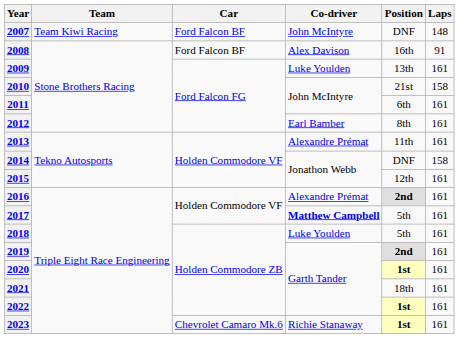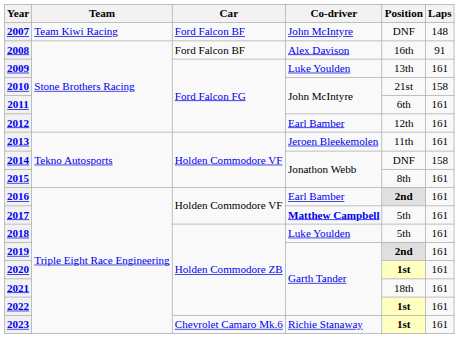 <table class="wikitable" style="font-size: 95%;">
 <tr>
 <th>Year</th>
 <th>Team</th>
 <th>Car</th>
 <th>Co-driver</th>
 <th>Position</th>
 <th>Laps</th>
 </tr>
 <tr>
 <th><a href='#'>2007</a></th>
 <td><a href='#'>Team Kiwi Racing</a></td>
 <td><a href='#'>Ford Falcon BF</a></td>
 <td> <a href='#'>John McIntyre</a></td>
 <td align="center">DNF</td>
 <td align="center">148</td>
 </tr>
 <tr>
 <th><a href='#'>2008</a></th>
 <td rowspan="5"><a href='#'>Stone Brothers Racing</a></td>
 <td>Ford Falcon BF</td>
 <td> <a href='#'>Alex Davison</a></td>
 <td align="center">16th</td>
 <td align="center">91</td>
 </tr>
 <tr>
 <th><a href='#'>2009</a></th>
 <td rowspan="4"><a href='#'>Ford Falcon FG</a></td>
 <td> <a href='#'>Luke Youlden</a></td>
 <td align="center">13th</td>
 <td align="center">161</td>
 </tr>
 <tr>
 <th><a href='#'>2010</a></th>
 <td rowspan="2"> John McIntyre</td>
 <td align="center">21st</td>
 <td align="center">158</td>
 </tr>
 <tr>
 <th><a href='#'>2011</a></th>
 <td align="center">6th</td>
 <td align="center">161</td>
 </tr>
 <tr>
 <th><a href='#'>2012</a></th>
 <td> <a href='#'>Earl Bamber</a></td>
-<td align="center">8th</td>
+<td align="center">12th</td>
 <td align="center">161</td>
 </tr>
 <tr>
 <th><a href='#'>2013</a></th>
 <td rowspan="3"><a href='#'>Tekno Autosports</a></td>
 <td rowspan="3"><a href='#'>Holden Commodore VF</a></td>
-<td> <a href='#'>Alexandre Prémat</a></td>
+<td> <a href='#'>Jeroen Bleekemolen</a></td>
 <td align="center">11th</td>
 <td align="center">161</td>
 </tr>
 <tr>
 <th><a href='#'>2014</a></th>
 <td rowspan="2"> Jonathon Webb</td>
 <td align="center">DNF</td>
 <td align="center">158</td>
 </tr>
 <tr>
 <th><a href='#'>2015</a></th>
-<td align="center">12th</td>
+<td align="center">8th</td>
 <td align="center">161</td>
 </tr>
 <tr>
 <th><a href='#'>2016</a></th>
 <td rowspan="8"><a href='#'>Triple Eight Race Engineering</a></td>
 <td rowspan="2">Holden Commodore VF</td>
-<td> <a href='#'>Alexandre Prémat</a></td>
+<td> <a href='#'>Earl Bamber</a></td>
 <td align="center" style="background: #dfdfdf"><strong>2nd</strong></td>
 <td align="center">161</td>
 </tr>
 <tr>
 <th><a href='#'>2017</a></th>
 <td><strong> <a href='#'>Matthew Campbell</a></strong></td>
 <td align="center">5th</td>
 <td align="center">161</td>
 </tr>
 <tr>
 <th><a href='#'>2018</a></th>
 <td rowspan="5"><a href='#'>Holden Commodore ZB</a></td>
 <td> <a href='#'>Luke Youlden</a></td>
 <td align="center">5th</td>
 <td align="center">161</td>
 </tr>
 <tr>
 <th><a href='#'>2019</a></th>
 <td rowspan="4"> <a href='#'>Garth Tander</a></td>
 <td align="center" style="background: #dfdfdf"><strong>2nd</strong></td>
 <td align="center">161</td>
 </tr>
 <tr>
 <th><a href='#'>2020</a></th>
 <td align="center" style="background: #ffffbf"><strong>1st</strong></td>
 <td align="center">161</td>
 </tr>
 <tr>
 <th><a href='#'>2021</a></th>
 <td align="center">18th</td>
 <td align="center">161</td>
 </tr>
 <tr>
 <th><a href='#'>2022</a></th>
 <td align="center" style="background: #ffffbf"><strong>1st</strong></td>
 <td align="center">161</td>
 </tr>
 <tr>
 <th><a href='#'>2023</a></th>
 <td><a href='#'>Chevrolet Camaro Mk.6</a></td>
 <td> <a href='#'>Richie Stanaway</a></td>
 <td align="center" style="background: #ffffbf"><strong>1st</strong></td>
 <td align="center">161</td>
 </tr>
 </table>
